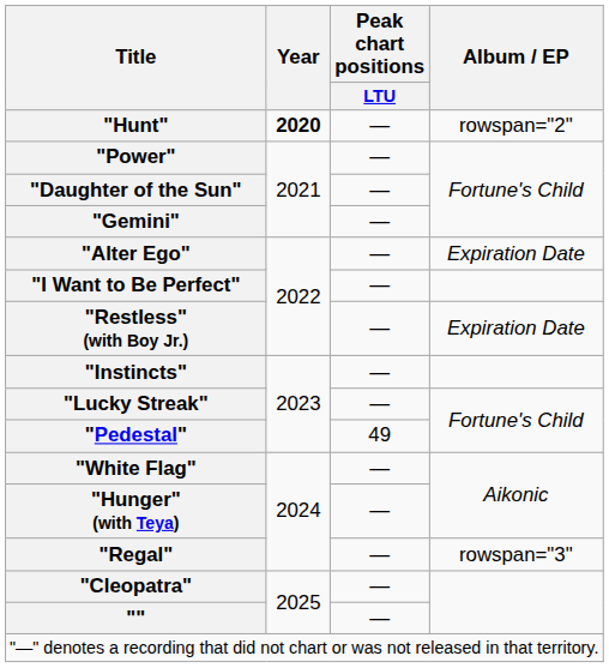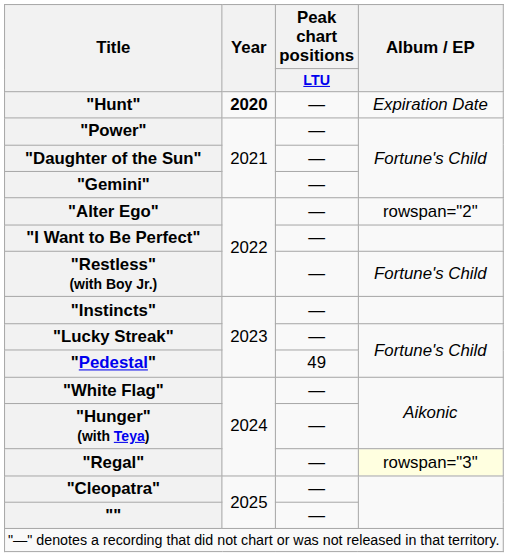 <table class="wikitable plainrowheaders" style="text-align:center;">
 <tr>
 <th scope="col" rowspan="2">Title</th>
 <th scope="col" rowspan="2">Year</th>
 <th scope="col" colspan="1">Peak chart positions</th>
 <th scope="col" rowspan="2">Album / EP</th>
 </tr>
 <tr>
 <th scope="col" style="width:3em;font-size:85%;"><a href='#'>LTU</a><br></th>
 </tr>
 <tr>
 <th scope="row">"Hunt"</th>
 <td><strong>2020</strong></td>
 <td>—</td>
-<td>rowspan="2" </td>
+<td><em>Expiration Date</em></td>
 </tr>
 <tr>
 <th scope="row">"Power"</th>
 <td rowspan="3">2021</td>
 <td>—</td>
 <td rowspan="3"><em>Fortune's Child</em></td>
 </tr>
 <tr>
 <th scope="row">"Daughter of the Sun"</th>
 <td>—</td>
 </tr>
 <tr>
 <th scope="row">"Gemini"</th>
 <td>—</td>
 </tr>
 <tr>
 <th scope="row">"Alter Ego"</th>
 <td rowspan="3">2022</td>
 <td>—</td>
-<td><em>Expiration Date</em></td>
+<td>rowspan="2" </td>
 </tr>
 <tr>
 <th scope="row">"I Want to Be Perfect"</th>
 <td>—</td>
 </tr>
 <tr>
 <th scope="row">"Restless"<br><small>(with Boy Jr.)</small></th>
 <td>—</td>
-<td><em>Expiration Date</em></td>
+<td><em>Fortune's Child</em></td>
 </tr>
 <tr>
 <th scope="row">"Instincts"</th>
 <td rowspan="3">2023</td>
 <td>—</td>
 <td></td>
 </tr>
 <tr>
 <th scope="row">"Lucky Streak"</th>
 <td>—</td>
 <td rowspan="2"><em>Fortune's Child</em></td>
 </tr>
 <tr>
 <th scope="row">"<a href='#'>Pedestal</a>"</th>
 <td>49</td>
 </tr>
 <tr>
 <th scope="row">"White Flag"</th>
 <td rowspan="3">2024</td>
 <td>—</td>
 <td rowspan="2"><em>Aikonic</em></td>
 </tr>
 <tr>
 <th scope="row">"Hunger"<br><small>(with <a href='#'>Teya</a>)</small></th>
 <td>—</td>
 </tr>
 <tr>
 <th scope="row">"Regal"</th>
 <td>—</td>
-<td>rowspan="3" </td>
+<td style="background: lightyellow;">rowspan="3" </td>
 </tr>
 <tr>
 <th scope="row">"Cleopatra"</th>
 <td rowspan="2">2025</td>
 <td>—</td>
 </tr>
 <tr>
 <th scope="row">""</th>
 <td>—</td>
 </tr>
 <tr>
 <td colspan="5" style="font-size:85%">"—" denotes a recording that did not chart or was not released in that territory.</td>
 </tr>
 </table>
